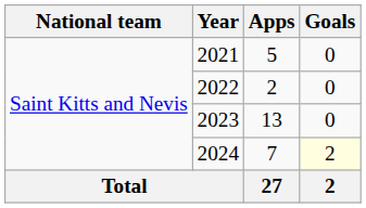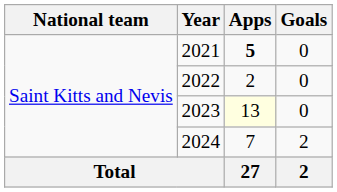 <table class="wikitable" style="text-align:center">
 <tr>
 <th>National team</th>
 <th>Year</th>
 <th>Apps</th>
 <th>Goals</th>
 </tr>
 <tr>
 <td rowspan=4><a href='#'>Saint Kitts and Nevis</a></td>
 <td>2021</td>
-<td>5</td>
+<td><strong>5</strong></td>
 <td>0</td>
 </tr>
 <tr>
 <td>2022</td>
 <td>2</td>
 <td>0</td>
 </tr>
 <tr>
 <td>2023</td>
-<td>13</td>
+<td style="background: lightyellow;">13</td>
 <td>0</td>
 </tr>
 <tr>
 <td>2024</td>
 <td>7</td>
-<td style="background: lightyellow;">2</td>
+<td>2</td>
 </tr>
 <tr>
 <th colspan=2>Total</th>
 <th>27</th>
 <th>2</th>
 </tr>
 </table>
